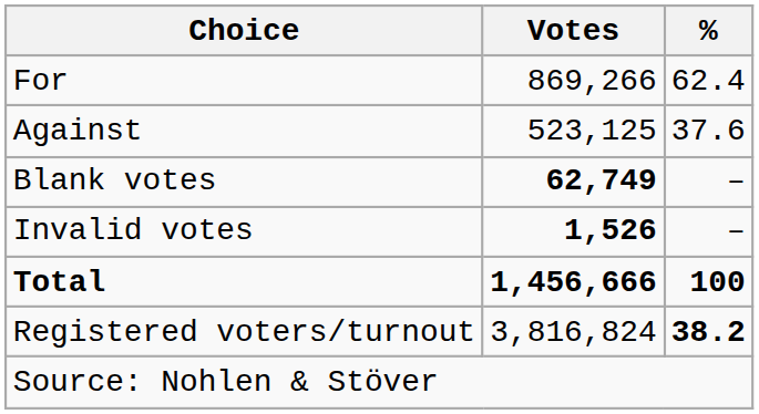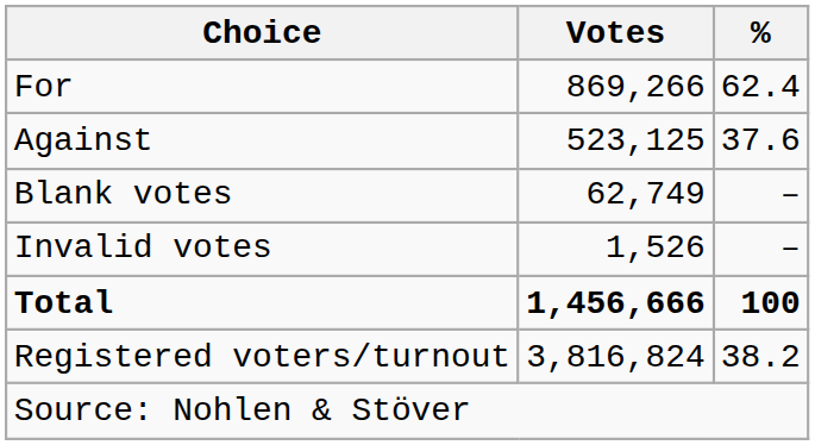 <table class=wikitable style=text-align:right>
 <tr>
 <th>Choice</th>
 <th>Votes</th>
 <th>%</th>
 </tr>
 <tr>
 <td align=left>For</td>
 <td>869,266</td>
 <td>62.4</td>
 </tr>
 <tr>
 <td align=left>Against</td>
 <td>523,125</td>
 <td>37.6</td>
 </tr>
 <tr>
 <td align=left>Blank votes</td>
-<td><strong>62,749</strong></td>
+<td>62,749</td>
 <td>–</td>
 </tr>
 <tr>
 <td align=left>Invalid votes</td>
-<td><strong>1,526</strong></td>
+<td>1,526</td>
 <td>–</td>
 </tr>
 <tr>
 <td align=left><strong>Total</strong></td>
 <td><strong>1,456,666</strong></td>
 <td><strong>100</strong></td>
 </tr>
 <tr>
 <td align=left>Registered voters/turnout</td>
 <td>3,816,824</td>
-<td><strong>38.2</strong></td>
+<td>38.2</td>
 </tr>
 <tr>
 <td align=left colspan=3>Source: Nohlen & Stöver</td>
 </tr>
 </table>
